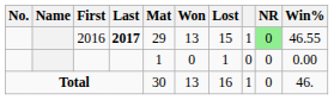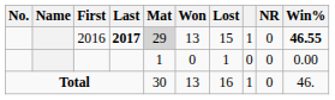 <table class="wikitable plainrowheaders sortable">
 <tr>
 <th scope="col">No.</th>
 <th scope="col">Name</th>
 <th scope="col">First</th>
 <th scope="col">Last</th>
 <th scope="col">Mat</th>
 <th scope="col">Won</th>
 <th scope="col">Lost</th>
 <th></th>
 <th scope="col">NR</th>
 <th scope="col">Win%</th>
 </tr>
 <tr align="center">
 <td></td>
 <th scope="row">  </th>
 <td>2016</td>
 <td><strong>2017</strong></td>
-<td>29</td>
+<td style="background: lightgrey;">29</td>
 <td>13</td>
 <td>15</td>
 <td>1</td>
-<td style="background: lightgreen;">0</td>
-<td>46.55</td>
+<td>0</td>
+<td><strong>46.55</strong></td>
 </tr>
 <tr align="center">
 <td></td>
 <th scope="row">  </th>
 <td></td>
 <td></td>
 <td>1</td>
 <td>0</td>
 <td>1</td>
 <td>0</td>
 <td>0</td>
 <td>0.00</td>
 </tr>
 <tr class="sortbottom" style="text-align:center;">
 <td colspan="4"><strong>Total</strong></td>
 <td>30</td>
 <td>13</td>
 <td>16</td>
 <td>1</td>
 <td>0</td>
 <td>46.</td>
 </tr>
 </table>
